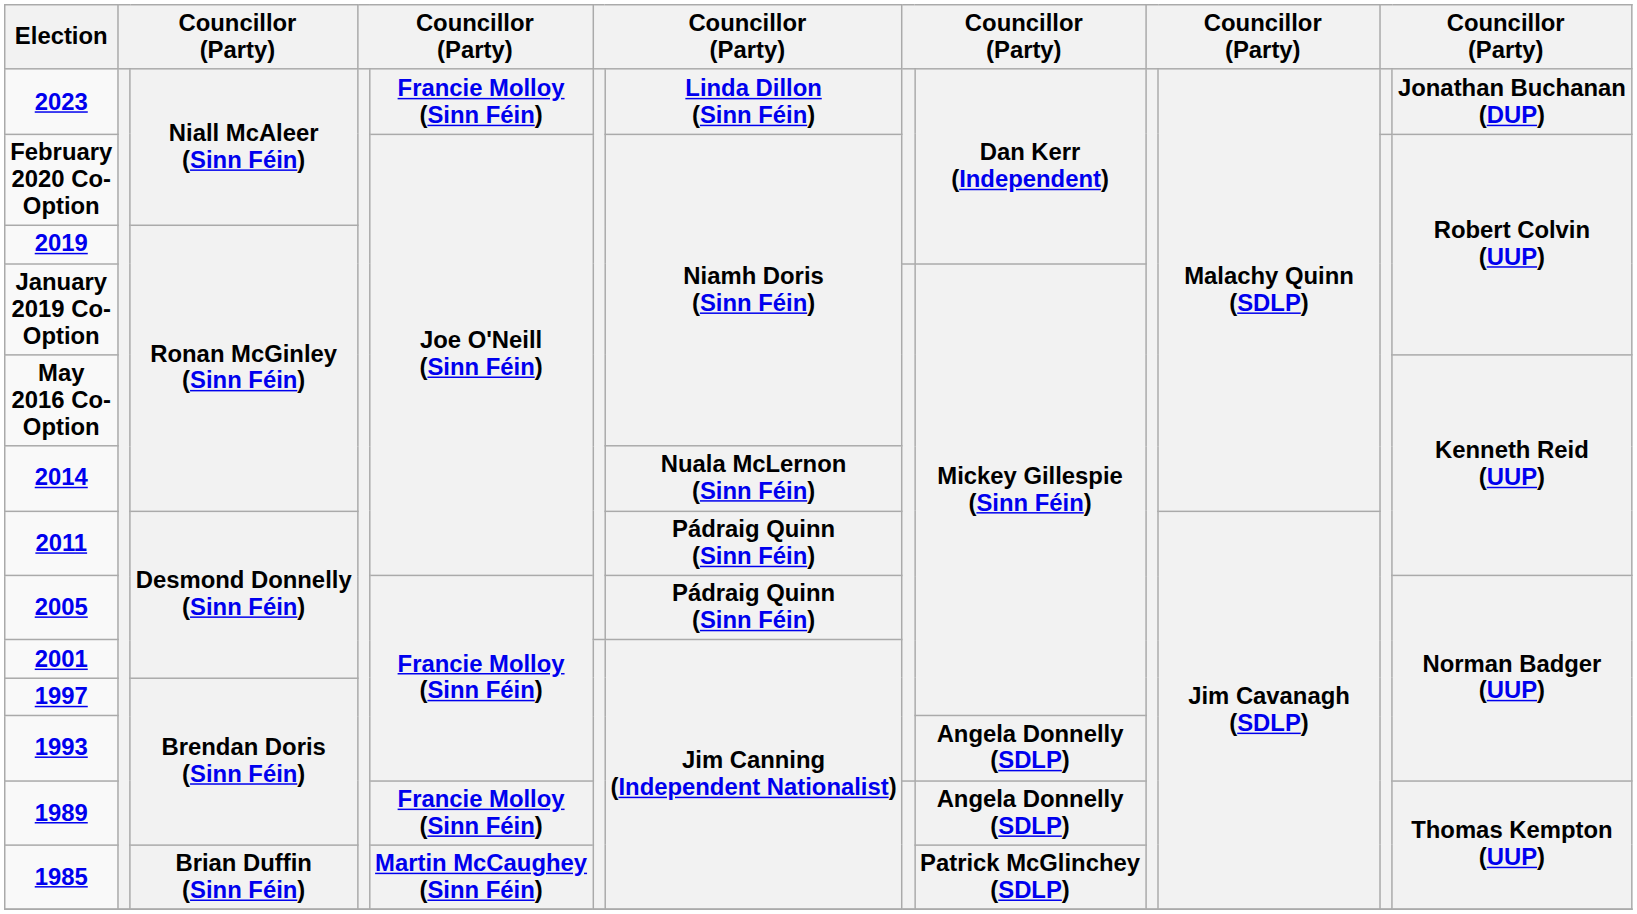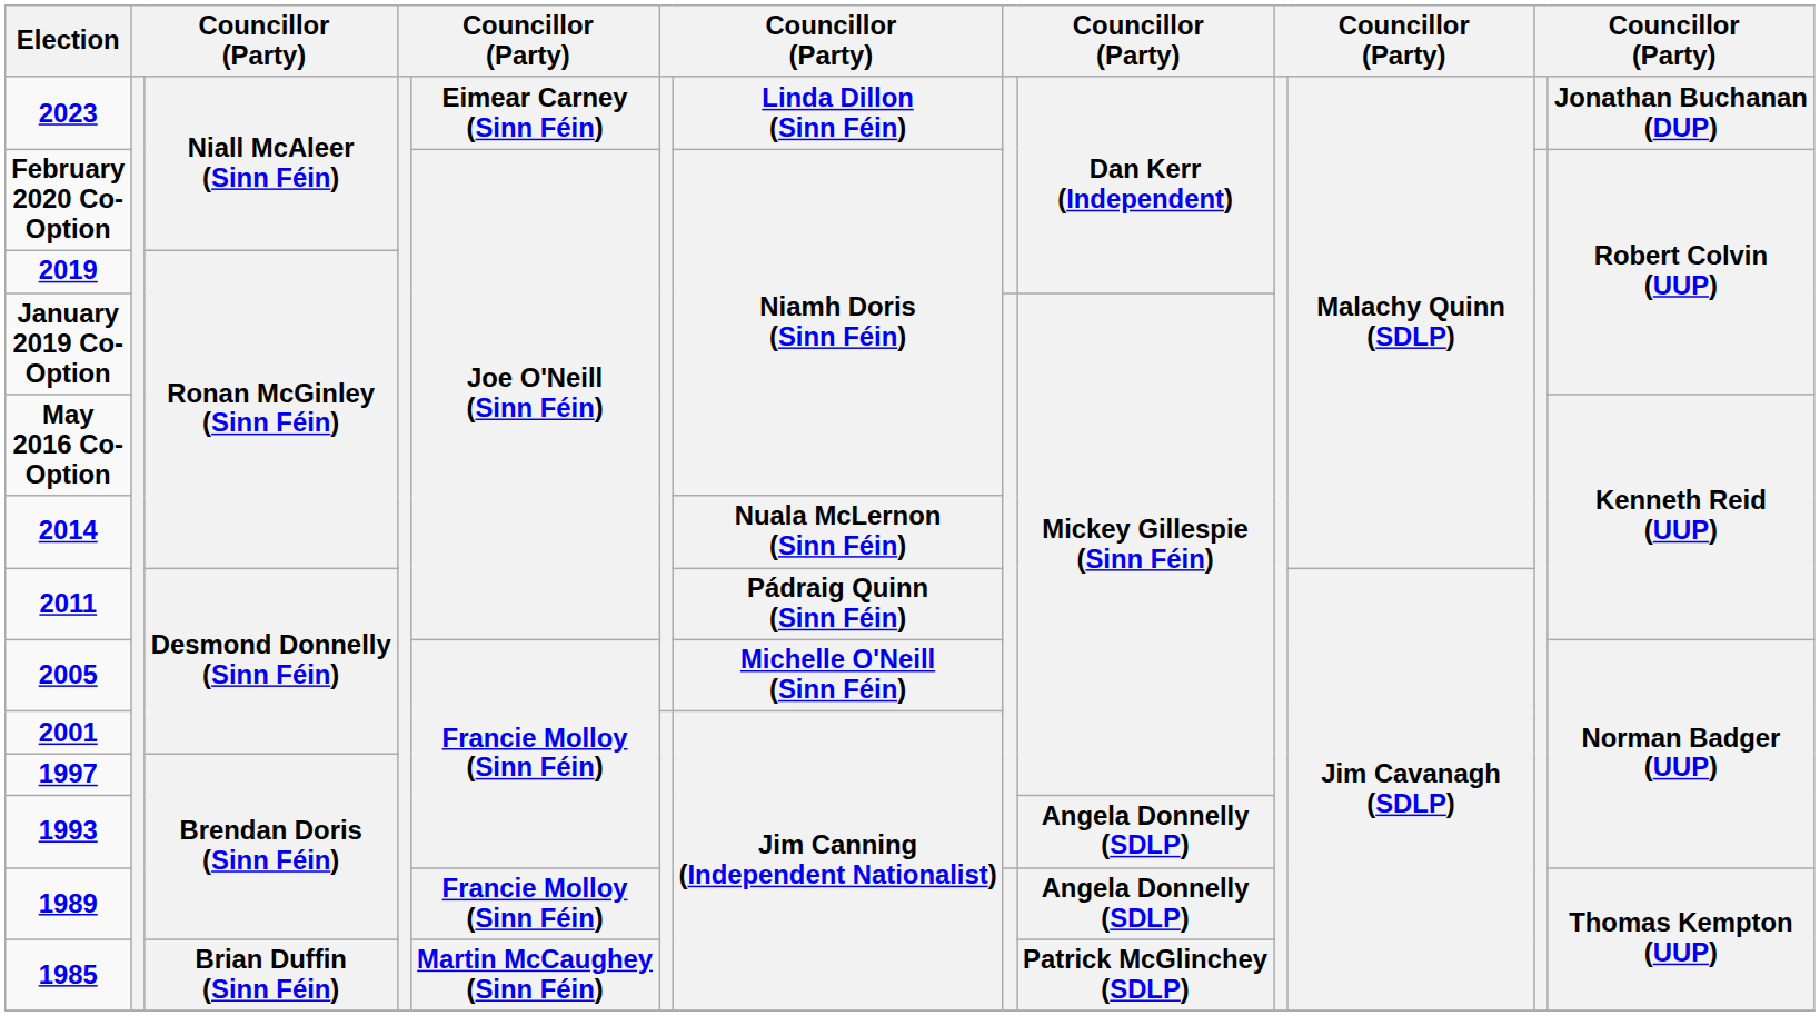 <table class="wikitable" style="text-align:center">
 <tr>
 <th scope="col" width="50">Election</th>
 <th scope="col" width="150" colspan = "2">Councillor<br> (Party)</th>
 <th scope="col" width="150" colspan = "2">Councillor<br> (Party)</th>
 <th scope="col" width="150" colspan = "2">Councillor<br> (Party)</th>
 <th scope="col" width="150" colspan = "2">Councillor<br> (Party)</th>
 <th scope="col" width="150" colspan = "2">Councillor<br> (Party)</th>
 <th scope="col" width="150" colspan = "2">Councillor<br> (Party)</th>
 </tr>
 <tr>
 <td><strong><a href='#'>2023</a></strong></td>
 <th rowspan="13" width="1" style="background-color: "></th>
 <th rowspan = "2">Niall McAleer <br> (<a href='#'>Sinn Féin</a>)</th>
 <th rowspan="13" width="1" style="background-color: "></th>
-<th rowspan = "1"><a href='#'>Francie Molloy</a> <br> (<a href='#'>Sinn Féin</a>)</th>
+<th rowspan = "1">Eimear Carney <br> (<a href='#'>Sinn Féin</a>)</th>
 <th rowspan="8" width="1" style="background-color: "></th>
 <th rowspan = "1"><a href='#'>Linda Dillon</a> <br> (<a href='#'>Sinn Féin</a>)</th>
 <th rowspan="3" width="1" style="background-color: "></th>
 <th rowspan = "3">Dan Kerr <br> (<a href='#'>Independent</a>)</th>
 <th rowspan="13" width="1" style="background-color: "></th>
 <th rowspan = "6">Malachy Quinn <br> (<a href='#'>SDLP</a>)</th>
 <th rowspan="1" width="1" style="background-color: "></th>
 <th rowspan = "1">Jonathan Buchanan <br> (<a href='#'>DUP</a>)</th>
 </tr>
 <tr>
 <td><strong>February 2020 Co-Option</strong></td>
 <th rowspan = "6">Joe O'Neill <br> (<a href='#'>Sinn Féin</a>)</th>
 <th rowspan = "4">Niamh Doris <br> (<a href='#'>Sinn Féin</a>)</th>
 <th rowspan="12" width="1" style="background-color: "></th>
 <th rowspan = "3">Robert Colvin <br> (<a href='#'>UUP</a>)</th>
 </tr>
 <tr>
 <td><strong><a href='#'>2019</a></strong></td>
 <th rowspan = "4">Ronan McGinley <br> (<a href='#'>Sinn Féin</a>)</th>
 </tr>
 <tr>
 <td><strong>January 2019 Co-Option</strong></td>
 <th rowspan="8" width="1" style="background-color: "></th>
 <th rowspan = "7">Mickey Gillespie <br> (<a href='#'>Sinn Féin</a>)</th>
 </tr>
 <tr>
 <td><strong>May 2016 Co-Option</strong></td>
 <th rowspan = "3">Kenneth Reid <br> (<a href='#'>UUP</a>)</th>
 </tr>
 <tr>
 <td><strong><a href='#'>2014</a></strong></td>
 <th rowspan = "1">Nuala McLernon <br> (<a href='#'>Sinn Féin</a>)</th>
 </tr>
 <tr>
 <td><strong><a href='#'>2011</a></strong></td>
 <th rowspan = "3">Desmond Donnelly <br> (<a href='#'>Sinn Féin</a>)</th>
 <th rowspan = "1">Pádraig Quinn <br> (<a href='#'>Sinn Féin</a>)</th>
 <th rowspan = "7">Jim Cavanagh <br> (<a href='#'>SDLP</a>)</th>
 </tr>
 <tr>
 <td><strong><a href='#'>2005</a></strong></td>
 <th rowspan = "4"><a href='#'>Francie Molloy</a> <br> (<a href='#'>Sinn Féin</a>)</th>
-<th rowspan = "1">Pádraig Quinn <br> (<a href='#'>Sinn Féin</a>)</th>
+<th rowspan = "1"><a href='#'>Michelle O'Neill</a> <br> (<a href='#'>Sinn Féin</a>)</th>
 <th rowspan = "4">Norman Badger <br> (<a href='#'>UUP</a>)</th>
 </tr>
 <tr>
 <td><strong><a href='#'>2001</a></strong></td>
 <th rowspan="5" width="1" style="background-color: "></th>
 <th rowspan = "5">Jim Canning <br> (<a href='#'>Independent Nationalist</a>)</th>
 </tr>
 <tr>
 <td><strong><a href='#'>1997</a></strong></td>
 <th rowspan = "3">Brendan Doris <br> (<a href='#'>Sinn Féin</a>)</th>
 </tr>
 <tr>
 <td><strong><a href='#'>1993</a></strong></td>
 <th rowspan = "1">Angela Donnelly <br> (<a href='#'>SDLP</a>)</th>
 </tr>
 <tr>
 <td><strong><a href='#'>1989</a></strong></td>
 <th rowspan = "1"><a href='#'>Francie Molloy</a> <br> (<a href='#'>Sinn Féin</a>)</th>
 <th rowspan="2" width="1" style="background-color: "></th>
 <th rowspan = "1">Angela Donnelly <br> (<a href='#'>SDLP</a>)</th>
 <th rowspan = "2">Thomas Kempton <br> (<a href='#'>UUP</a>)</th>
 </tr>
 <tr>
 <td><strong><a href='#'>1985</a></strong></td>
 <th rowspan = "1">Brian Duffin <br> (<a href='#'>Sinn Féin</a>)</th>
 <th rowspan = "1"><a href='#'>Martin McCaughey</a> <br> (<a href='#'>Sinn Féin</a>)</th>
 <th rowspan = "1">Patrick McGlinchey <br> (<a href='#'>SDLP</a>)</th>
 </tr>
 <tr>
 </tr>
 </table>
